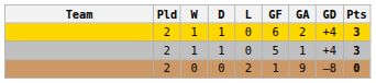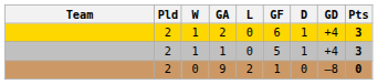 <table class="wikitable" style="text-align: center;">
 <tr>
 <th width=165>Team</th>
 <th width=25>Pld</th>
 <th width=25>W</th>
-<th width=25>D</th>
+<th width=25>GA</th>
 <th width=25>L</th>
 <th width=25>GF</th>
-<th width=25>GA</th>
+<th width=25>D</th>
 <th width=25>GD</th>
 <th width=25>Pts</th>
 </tr>
 <tr bgcolor=gold>
 <td align="left"></td>
 <td>2</td>
 <td>1</td>
-<td>1</td>
+<td>2</td>
 <td>0</td>
 <td>6</td>
-<td>2</td>
+<td>1</td>
 <td>+4</td>
 <td><strong>3</strong></td>
 </tr>
 <tr bgcolor=silver>
 <td align="left"></td>
 <td>2</td>
 <td>1</td>
 <td>1</td>
 <td>0</td>
 <td>5</td>
 <td>1</td>
 <td>+4</td>
 <td><strong>3</strong></td>
 </tr>
 <tr bgcolor=#cc9966>
 <td align="left"></td>
 <td>2</td>
 <td>0</td>
-<td>0</td>
+<td>9</td>
 <td>2</td>
 <td>1</td>
-<td>9</td>
+<td>0</td>
 <td>–8</td>
 <td><strong>0</strong></td>
 </tr>
 </table>
